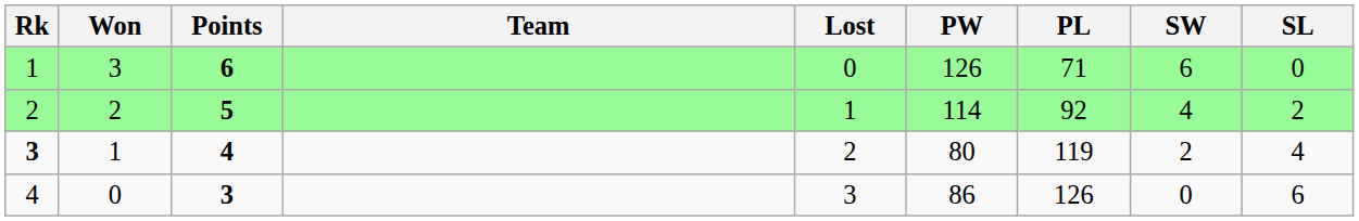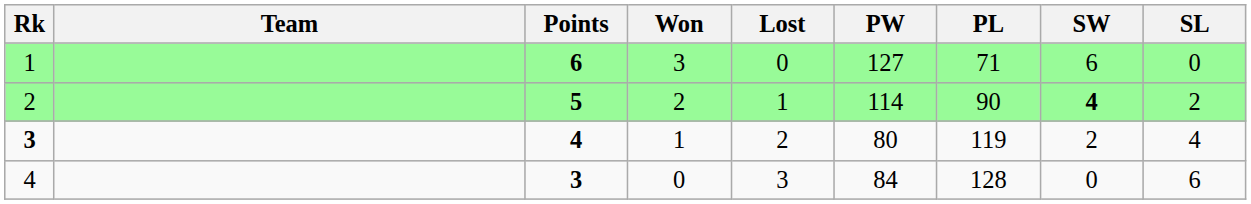 <table class=wikitable style=text-align:center>
 <tr>
 <th width=25>Rk</th>
+<th width=300>Team</th>
+<th width=60>Points</th>
 <th width=60>Won</th>
-<th width=60>Points</th>
-<th width=300>Team</th>
 <th width=60>Lost</th>
 <th width=60>PW</th>
 <th width=60>PL</th>
 <th width=60>SW</th>
 <th width=60>SL</th>
 </tr>
 <tr bgcolor="#98fb98">
 <td>1</td>
+<td align=left></td>
+<td><strong>6</strong></td>
 <td>3</td>
-<td><strong>6</strong></td>
-<td align=left></td>
 <td>0</td>
-<td>126</td>
+<td>127</td>
 <td>71</td>
 <td>6</td>
 <td>0</td>
 </tr>
 <tr bgcolor="#98fb98">
 <td>2</td>
+<td align=left></td>
+<td><strong>5</strong></td>
 <td>2</td>
-<td><strong>5</strong></td>
-<td align=left></td>
 <td>1</td>
 <td>114</td>
-<td>92</td>
-<td>4</td>
+<td>90</td>
+<td><strong>4</strong></td>
 <td>2</td>
 </tr>
 <tr>
 <td><strong>3</strong></td>
+<td align=left></td>
+<td><strong>4</strong></td>
 <td>1</td>
-<td><strong>4</strong></td>
-<td align=left></td>
 <td>2</td>
 <td>80</td>
 <td>119</td>
 <td>2</td>
 <td>4</td>
 </tr>
 <tr>
 <td>4</td>
+<td align=left></td>
+<td><strong>3</strong></td>
 <td>0</td>
-<td><strong>3</strong></td>
-<td align=left></td>
 <td>3</td>
-<td>86</td>
-<td>126</td>
+<td>84</td>
+<td>128</td>
 <td>0</td>
 <td>6</td>
 </tr>
 </table>
